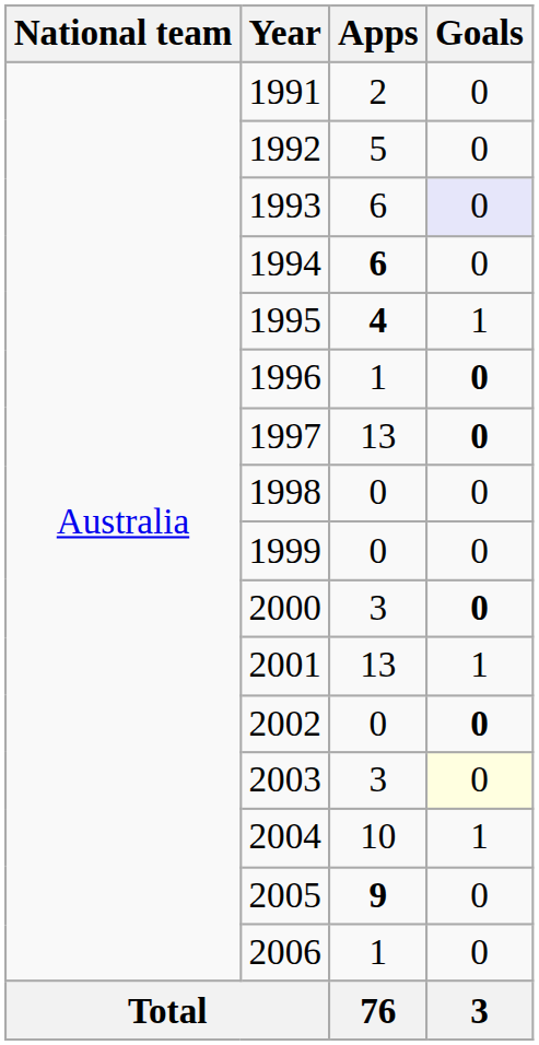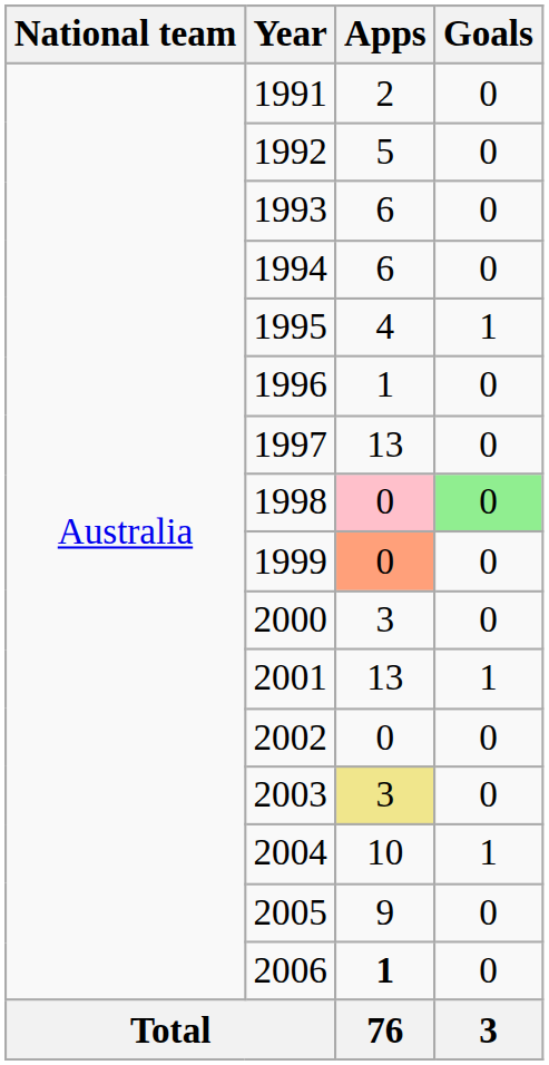 <table class="wikitable" style="text-align:center">
 <tr>
 <th>National team</th>
 <th>Year</th>
 <th>Apps</th>
 <th>Goals</th>
 </tr>
 <tr>
 <td rowspan="16"><a href='#'>Australia</a></td>
 <td>1991</td>
 <td>2</td>
 <td>0</td>
 </tr>
 <tr>
 <td>1992</td>
 <td>5</td>
 <td>0</td>
 </tr>
 <tr>
 <td>1993</td>
 <td>6</td>
-<td style="background: lavender;">0</td>
+<td>0</td>
 </tr>
 <tr>
 <td>1994</td>
-<td><strong>6</strong></td>
+<td>6</td>
 <td>0</td>
 </tr>
 <tr>
 <td>1995</td>
-<td><strong>4</strong></td>
+<td>4</td>
 <td>1</td>
 </tr>
 <tr>
 <td>1996</td>
 <td>1</td>
-<td><strong>0</strong></td>
+<td>0</td>
 </tr>
 <tr>
 <td>1997</td>
 <td>13</td>
-<td><strong>0</strong></td>
+<td>0</td>
 </tr>
 <tr>
 <td>1998</td>
-<td>0</td>
-<td>0</td>
+<td style="background: pink;">0</td>
+<td style="background: lightgreen;">0</td>
 </tr>
 <tr>
 <td>1999</td>
-<td>0</td>
+<td style="background: lightsalmon;">0</td>
 <td>0</td>
 </tr>
 <tr>
 <td>2000</td>
 <td>3</td>
-<td><strong>0</strong></td>
+<td>0</td>
 </tr>
 <tr>
 <td>2001</td>
 <td>13</td>
 <td>1</td>
 </tr>
 <tr>
 <td>2002</td>
 <td>0</td>
-<td><strong>0</strong></td>
+<td>0</td>
 </tr>
 <tr>
 <td>2003</td>
-<td>3</td>
-<td style="background: lightyellow;">0</td>
+<td style="background: khaki;">3</td>
+<td>0</td>
 </tr>
 <tr>
 <td>2004</td>
 <td>10</td>
 <td>1</td>
 </tr>
 <tr>
 <td>2005</td>
-<td><strong>9</strong></td>
+<td>9</td>
 <td>0</td>
 </tr>
 <tr>
 <td>2006</td>
-<td>1</td>
+<td><strong>1</strong></td>
 <td>0</td>
 </tr>
 <tr>
 <th colspan="2">Total</th>
 <th>76</th>
 <th>3</th>
 </tr>
 </table>
